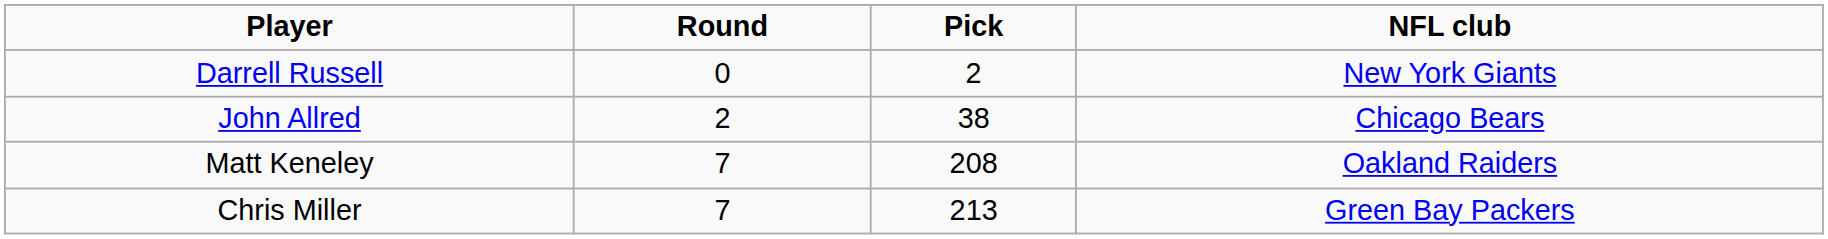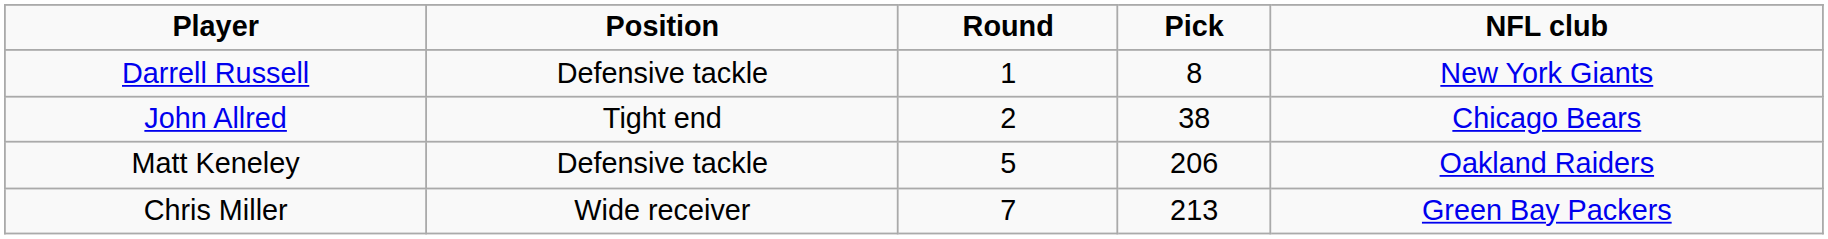 <table class="wikitable" width="80%">
 <tr align="center">
 <td><strong>Player</strong></td>
+<td><strong>Position</strong></td>
 <td><strong>Round</strong></td>
 <td><strong>Pick</strong></td>
 <td><strong>NFL club</strong></td>
 </tr>
 <tr align="center" bgcolor="">
 <td><a href='#'>Darrell Russell</a></td>
-<td>0</td>
-<td>2</td>
+<td>Defensive tackle</td>
+<td>1</td>
+<td>8</td>
 <td><a href='#'>New York Giants</a></td>
 </tr>
 <tr align="center" bgcolor="">
 <td><a href='#'>John Allred</a></td>
+<td>Tight end</td>
 <td>2</td>
 <td>38</td>
 <td><a href='#'>Chicago Bears</a></td>
 </tr>
 <tr align="center" bgcolor="">
 <td>Matt Keneley</td>
-<td>7</td>
-<td>208</td>
+<td>Defensive tackle</td>
+<td>5</td>
+<td>206</td>
 <td><a href='#'>Oakland Raiders</a></td>
 </tr>
 <tr align="center" bgcolor="">
 <td>Chris Miller</td>
+<td>Wide receiver</td>
 <td>7</td>
 <td>213</td>
 <td><a href='#'>Green Bay Packers</a></td>
 </tr>
 </table>
